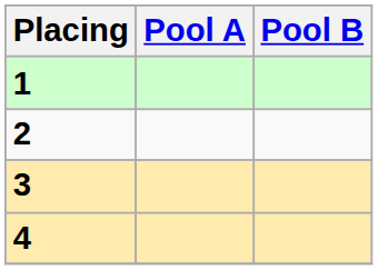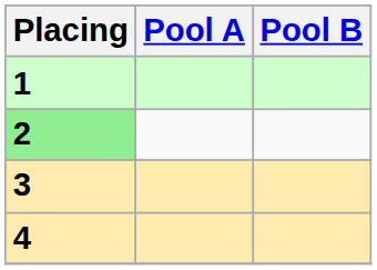 <table class=wikitable style="border:1px solid #AAAAAA;">
 <tr>
 <th>Placing</th>
 <th><a href='#'>Pool A</a></th>
 <th><a href='#'>Pool B</a></th>
 </tr>
 <tr style="background: #ccffcc;">
 <td><strong>1</strong></td>
 <td></td>
 <td></td>
 </tr>
 <tr>
-<td><strong>2</strong></td>
+<td style="background: lightgreen;"><strong>2</strong></td>
 <td></td>
 <td></td>
 </tr>
 <tr style="background: #ffebad;">
 <td><strong>3</strong></td>
 <td></td>
 <td></td>
 </tr>
 <tr style="background: #ffebad;">
 <td><strong>4</strong></td>
 <td></td>
 <td></td>
 </tr>
 <tr>
 </tr>
 </table>
